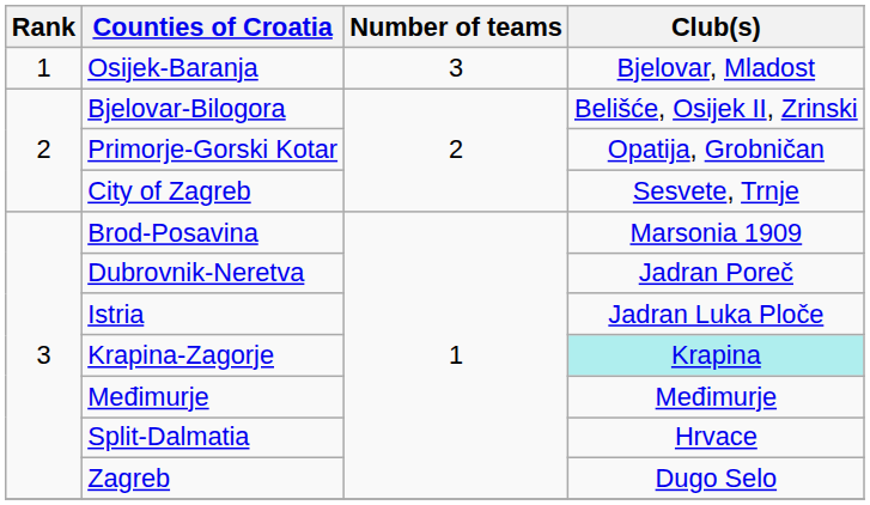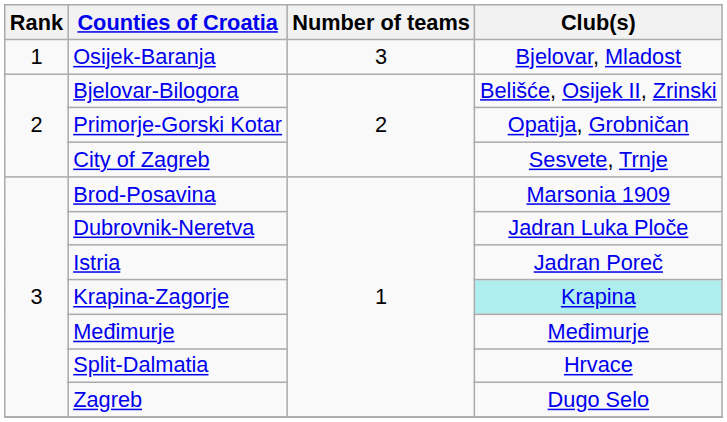 <table class="wikitable" style="font-size:90%;">
 <tr>
 <th>Rank</th>
 <th><a href='#'>Counties of Croatia</a></th>
 <th>Number of teams</th>
 <th>Club(s)</th>
 </tr>
 <tr>
 <td align="center">1</td>
 <td>  <a href='#'>Osijek-Baranja</a></td>
 <td align="center">3</td>
 <td align="center"><a href='#'>Bjelovar</a>, <a href='#'>Mladost</a></td>
 </tr>
 <tr>
 <td align="center" rowspan="3">2</td>
 <td>  <a href='#'>Bjelovar-Bilogora</a></td>
 <td align="center" rowspan="3">2</td>
 <td align="center"><a href='#'>Belišće</a>, <a href='#'>Osijek II</a>, <a href='#'>Zrinski</a></td>
 </tr>
 <tr>
 <td>  <a href='#'>Primorje-Gorski Kotar</a></td>
 <td align="center"><a href='#'>Opatija</a>, <a href='#'>Grobničan</a></td>
 </tr>
 <tr>
 <td>  <a href='#'>City of Zagreb</a></td>
 <td align="center"><a href='#'>Sesvete</a>, <a href='#'>Trnje</a></td>
 </tr>
 <tr>
 <td align="center" rowspan="7">3</td>
 <td> <a href='#'>Brod-Posavina</a></td>
 <td align="center" rowspan="7">1</td>
 <td align="center"><a href='#'>Marsonia 1909</a></td>
 </tr>
 <tr>
 <td> <a href='#'>Dubrovnik-Neretva</a></td>
-<td align="center"><a href='#'>Jadran Poreč</a></td>
+<td align="center"><a href='#'>Jadran Luka Ploče</a></td>
 </tr>
 <tr>
 <td> <a href='#'>Istria</a></td>
-<td align="center"><a href='#'>Jadran Luka Ploče</a></td>
+<td align="center"><a href='#'>Jadran Poreč</a></td>
 </tr>
 <tr>
 <td> <a href='#'>Krapina-Zagorje</a></td>
 <td align="center" style="background: paleturquoise;"><a href='#'>Krapina</a></td>
 </tr>
 <tr>
 <td> <a href='#'>Međimurje</a></td>
 <td align="center"><a href='#'>Međimurje</a></td>
 </tr>
 <tr>
 <td>  <a href='#'>Split-Dalmatia</a></td>
 <td align="center"><a href='#'>Hrvace</a></td>
 </tr>
 <tr>
 <td>  <a href='#'>Zagreb</a></td>
 <td align="center"><a href='#'>Dugo Selo</a></td>
 </tr>
 <tr>
 </tr>
 </table>
